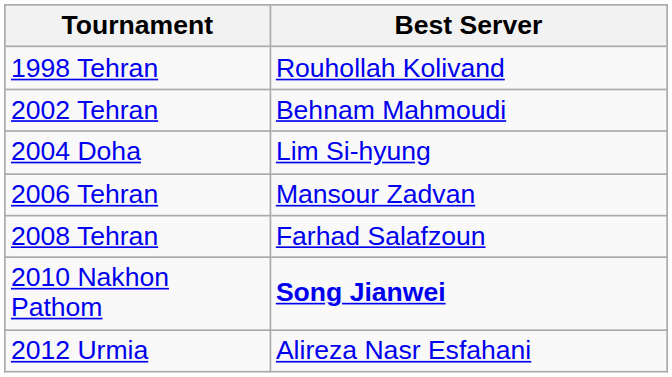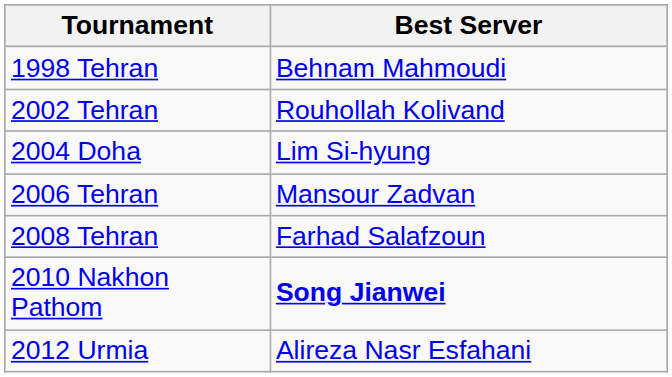 <table class=wikitable style="width: 400px;">
 <tr>
 <th style="width: 40%;">Tournament</th>
 <th style="width: 60%;">Best Server</th>
 </tr>
 <tr>
 <td><a href='#'>1998 Tehran</a></td>
-<td> <a href='#'>Rouhollah Kolivand</a></td>
+<td> <a href='#'>Behnam Mahmoudi</a></td>
 </tr>
 <tr>
 <td><a href='#'>2002 Tehran</a></td>
-<td> <a href='#'>Behnam Mahmoudi</a></td>
+<td> <a href='#'>Rouhollah Kolivand</a></td>
 </tr>
 <tr>
 <td><a href='#'>2004 Doha</a></td>
 <td> <a href='#'>Lim Si-hyung</a></td>
 </tr>
 <tr>
 <td><a href='#'>2006 Tehran</a></td>
 <td> <a href='#'>Mansour Zadvan</a></td>
 </tr>
 <tr>
 <td><a href='#'>2008 Tehran</a></td>
 <td> <a href='#'>Farhad Salafzoun</a></td>
 </tr>
 <tr>
 <td><a href='#'>2010 Nakhon Pathom</a></td>
 <td><strong> <a href='#'>Song Jianwei</a></strong></td>
 </tr>
 <tr>
 <td><a href='#'>2012 Urmia</a></td>
 <td> <a href='#'>Alireza Nasr Esfahani</a></td>
 </tr>
 </table>
